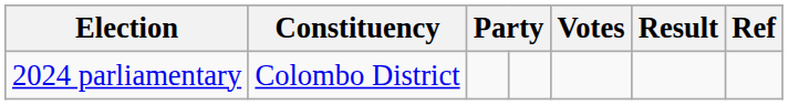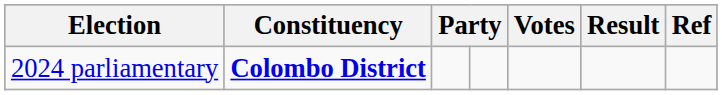 <table class="wikitable" style="text-align:left;">
 <tr>
 <th scope=col>Election</th>
 <th scope=col>Constituency</th>
 <th scope=col colspan="2">Party</th>
 <th scope=col>Votes</th>
 <th scope=col>Result</th>
 <th scope=col>Ref</th>
 </tr>
 <tr>
 <td><a href='#'>2024 parliamentary</a></td>
-<td><a href='#'>Colombo District</a></td>
+<td><strong><a href='#'>Colombo District</a></strong></td>
 <td></td>
 <td align=right></td>
 <td></td>
 <td></td>
 </tr>
 </table>
